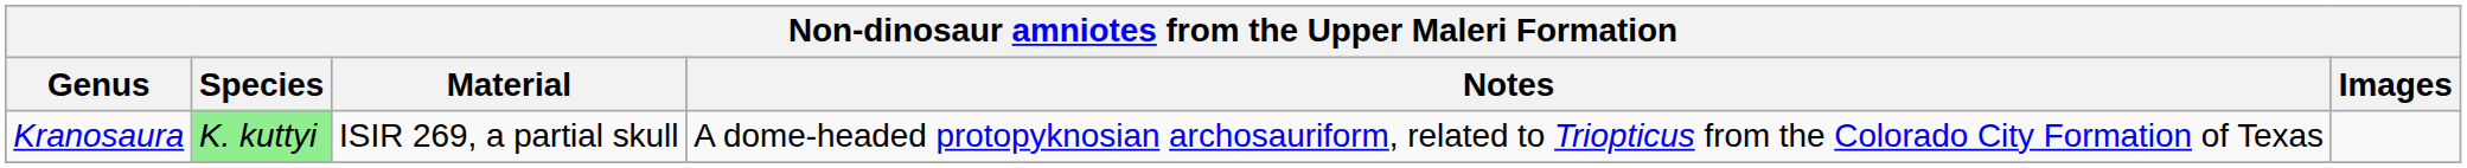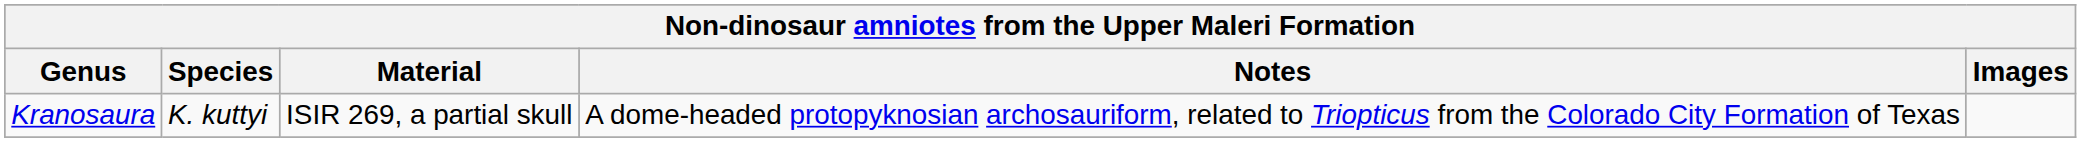 <table class="wikitable" align="center">
 <tr>
 <th colspan="5" align="center"><strong>Non-dinosaur <a href='#'>amniotes</a> from the Upper Maleri Formation</strong></th>
 </tr>
 <tr>
 <th>Genus</th>
 <th>Species</th>
 <th>Material</th>
 <th>Notes</th>
 <th>Images</th>
 </tr>
 <tr>
 <td><em><a href='#'>Kranosaura</a></em></td>
-<td style="background: lightgreen;"><em>K. kuttyi</em></td>
+<td><em>K. kuttyi</em></td>
 <td>ISIR 269, a partial skull</td>
 <td>A dome-headed <a href='#'>protopyknosian</a> <a href='#'>archosauriform</a>, related to <em><a href='#'>Triopticus</a></em> from the <a href='#'>Colorado City Formation</a> of Texas</td>
 <td></td>
 </tr>
 </table>
